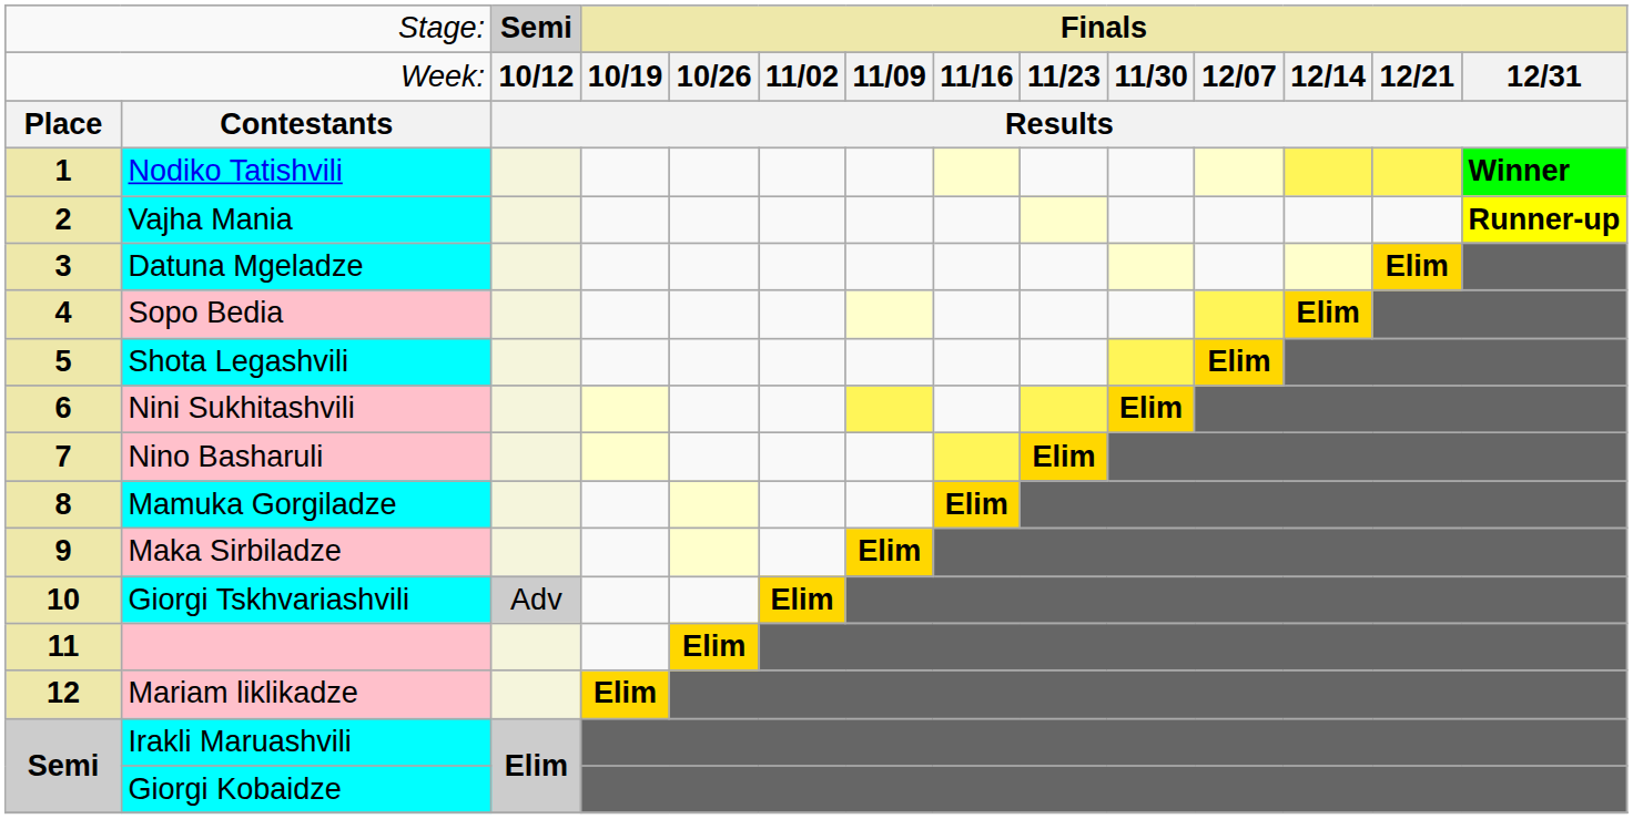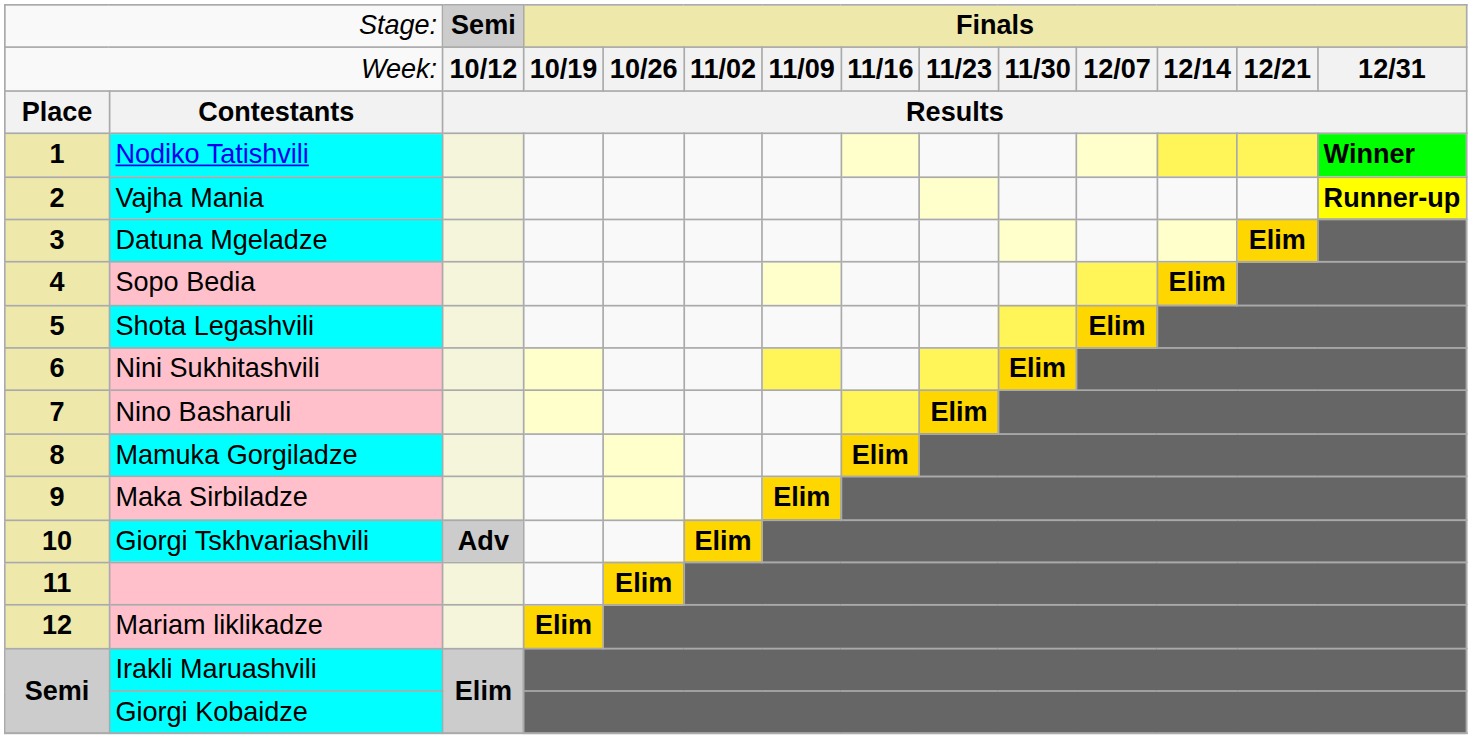 <table class="wikitable" align="center">
 <tr>
 <td width=30% colspan=2 align="right"><em>Stage:</em></td>
 <td bgcolor="CCCCCC" align="Center"><strong>Semi</strong></td>
 <td colspan=15 bgcolor="palegoldenrod" align="Center"><strong>Finals</strong></td>
 </tr>
 <tr>
 <td colspan=2 align="right"><em>Week:</em></td>
 <th>10/12</th>
 <th>10/19</th>
 <th>10/26</th>
 <th>11/02</th>
 <th>11/09</th>
 <th>11/16</th>
 <th>11/23</th>
 <th>11/30</th>
 <th>12/07</th>
 <th>12/14</th>
 <th>12/21</th>
 <th>12/31</th>
 </tr>
 <tr>
 <th>Place</th>
 <th>Contestants</th>
 <th colspan=16 align="center">Results</th>
 </tr>
 <tr>
 <td align="center" bgcolor="palegoldenrod"><strong>1</strong></td>
 <td bgcolor="cyan"><a href='#'>Nodiko Tatishvili</a></td>
 <td bgcolor="F5F5DC"></td>
 <td></td>
 <td></td>
 <td></td>
 <td></td>
 <td bgcolor="#FFFFCC" align="center"></td>
 <td></td>
 <td></td>
 <td bgcolor="#FFFFCC" align="center"></td>
 <td bgcolor="#FFF558" align="center"></td>
 <td bgcolor="#FFF558" align="center"></td>
 <td style="background: Lime"><strong>Winner</strong></td>
 </tr>
 <tr>
 <td align="center" bgcolor="palegoldenrod"><strong>2</strong></td>
 <td bgcolor="cyan">Vajha Mania</td>
 <td bgcolor="F5F5DC"></td>
 <td></td>
 <td></td>
 <td></td>
 <td></td>
 <td></td>
 <td bgcolor="#FFFFCC" align="center"></td>
 <td></td>
 <td></td>
 <td></td>
 <td></td>
 <td style="background: yellow"><strong>Runner-up</strong></td>
 </tr>
 <tr>
 <td align="center" bgcolor="palegoldenrod"><strong>3</strong></td>
 <td bgcolor="cyan">Datuna Mgeladze</td>
 <td bgcolor="F5F5DC"></td>
 <td></td>
 <td></td>
 <td></td>
 <td></td>
 <td></td>
 <td></td>
 <td bgcolor="#FFFFCC" align="center"></td>
 <td></td>
 <td bgcolor="#FFFFCC" align="center"></td>
 <td bgcolor="gold" align="center"><strong>Elim</strong></td>
 <td colspan=2 bgcolor="666666"></td>
 </tr>
 <tr>
 <td align="center" bgcolor="palegoldenrod"><strong>4</strong></td>
 <td bgcolor="pink">Sopo Bedia</td>
 <td bgcolor="F5F5DC"></td>
 <td></td>
 <td></td>
 <td></td>
 <td bgcolor="#FFFFCC" align="center"></td>
 <td></td>
 <td></td>
 <td></td>
 <td bgcolor="#FFF558" align="center"></td>
 <td bgcolor="gold" align="center"><strong>Elim</strong></td>
 <td colspan=2 bgcolor="666666"></td>
 </tr>
 <tr>
 <td align="center" bgcolor="palegoldenrod"><strong>5</strong></td>
 <td bgcolor="cyan">Shota Legashvili</td>
 <td bgcolor="F5F5DC"></td>
 <td></td>
 <td></td>
 <td></td>
 <td></td>
 <td></td>
 <td></td>
 <td bgcolor="#FFF558" align="center"></td>
 <td bgcolor="gold" align="center"><strong>Elim</strong></td>
 <td colspan=3 bgcolor="666666"></td>
 </tr>
 <tr>
 <td align="center" bgcolor="palegoldenrod"><strong>6</strong></td>
 <td bgcolor="pink">Nini Sukhitashvili</td>
 <td bgcolor="F5F5DC"></td>
 <td bgcolor="#FFFFCC" align="center"></td>
 <td></td>
 <td></td>
 <td bgcolor="#FFF558" align="center"></td>
 <td></td>
 <td bgcolor="#FFF558" align="center"></td>
 <td bgcolor="gold" align="center"><strong>Elim</strong></td>
 <td colspan=4 bgcolor="666666"></td>
 </tr>
 <tr>
 <td align="center" bgcolor="palegoldenrod"><strong>7</strong></td>
 <td bgcolor="pink">Nino Basharuli</td>
 <td bgcolor="F5F5DC"></td>
 <td bgcolor="#FFFFCC" align="center"></td>
 <td></td>
 <td></td>
 <td></td>
 <td bgcolor="#FFF558" align="center"></td>
 <td bgcolor="gold" align="center"><strong>Elim</strong></td>
 <td colspan=5 bgcolor="666666"></td>
 </tr>
 <tr>
 <td align="center" bgcolor="palegoldenrod"><strong>8</strong></td>
 <td bgcolor="cyan">Mamuka Gorgiladze</td>
 <td bgcolor="F5F5DC"></td>
 <td></td>
 <td bgcolor="#FFFFCC" align="center"></td>
 <td></td>
 <td></td>
 <td bgcolor="gold" align="center"><strong>Elim</strong></td>
 <td colspan=6 bgcolor="666666"></td>
 </tr>
 <tr>
 <td align="center" bgcolor="palegoldenrod"><strong>9</strong></td>
 <td bgcolor="pink">Maka Sirbiladze</td>
 <td bgcolor="F5F5DC"></td>
 <td></td>
 <td bgcolor="#FFFFCC" align="center"></td>
 <td></td>
 <td bgcolor="gold" align="center"><strong>Elim</strong></td>
 <td colspan=7 bgcolor="666666"></td>
 </tr>
 <tr>
 <td align="center" bgcolor="palegoldenrod"><strong>10</strong></td>
 <td bgcolor="cyan">Giorgi Tskhvariashvili</td>
-<td bgcolor="#CCCCCC" align="center">Adv</td>
+<td bgcolor="#CCCCCC" align="center"><strong>Adv</strong></td>
 <td></td>
 <td></td>
 <td bgcolor="gold" align="center"><strong>Elim</strong></td>
 <td colspan=8 bgcolor="666666"></td>
 </tr>
 <tr>
 <td align="center" bgcolor="palegoldenrod"><strong>11</strong></td>
 <td bgcolor="pink"></td>
 <td bgcolor="F5F5DC"></td>
 <td></td>
 <td bgcolor="gold" align="center"><strong>Elim</strong></td>
 <td colspan=9 bgcolor="666666"></td>
 </tr>
 <tr>
 <td align="center" bgcolor="palegoldenrod"><strong>12</strong></td>
 <td bgcolor="pink">Mariam liklikadze</td>
 <td bgcolor="F5F5DC"></td>
 <td bgcolor="gold" align="center"><strong>Elim</strong></td>
 <td colspan=10 bgcolor="666666"></td>
 </tr>
 <tr>
 <td bgcolor="CCCCCC" align="center" rowspan=2><strong>Semi</strong></td>
 <td bgcolor="cyan">Irakli Maruashvili</td>
 <td bgcolor="#CCCCCC" align="center" rowspan=2><strong>Elim</strong></td>
 <td colspan=11 bgcolor="666666"></td>
 </tr>
 <tr>
 <td bgcolor="cyan">Giorgi Kobaidze</td>
 <td colspan=11 bgcolor="666666"></td>
 </tr>
 <tr>
 </tr>
 </table>
